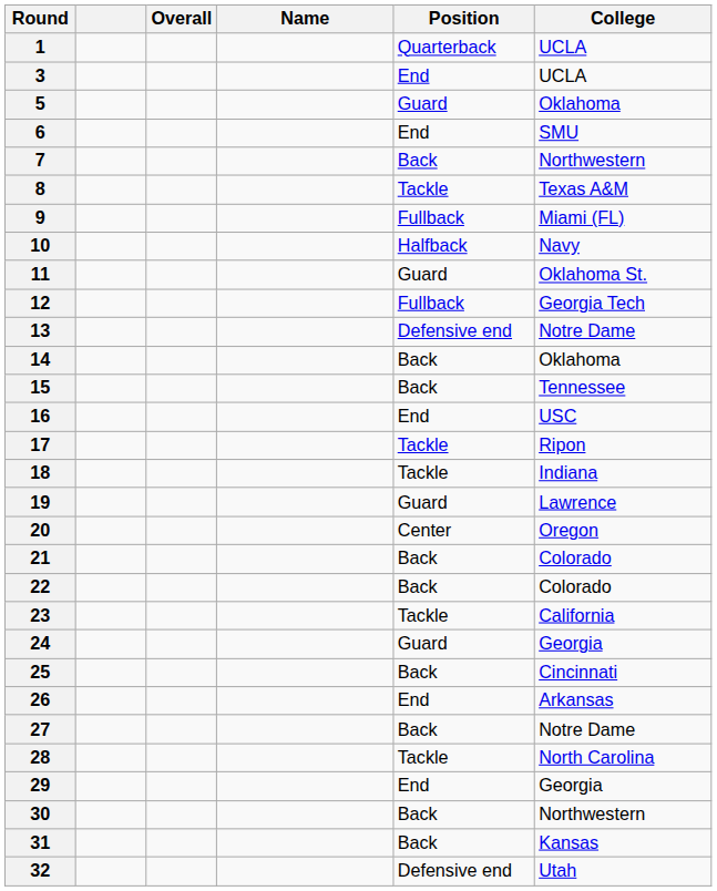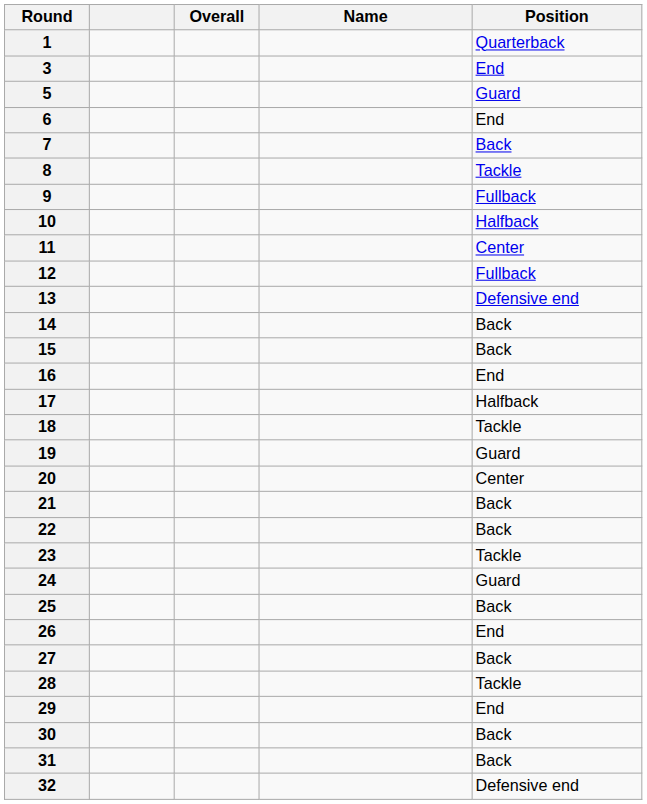 <table class="wikitable sortable" style="width: 50%;">
 <tr>
 <th scope="col" style="width: 10%;">Round</th>
 <th scope="col" style="width: 10%;"></th>
 <th scope="col" style="width: 10%;">Overall</th>
 <th scope="col" style="width: 25%;">Name</th>
 <th scope="col" style="width: 20%;">Position</th>
-<th scope="col" style="width: 25%;">College</th>
 </tr>
 <tr>
 <th scope="row">1</th>
 <td></td>
 <td></td>
 <td></td>
 <td><a href='#'>Quarterback</a></td>
-<td><a href='#'>UCLA</a></td>
 </tr>
 <tr>
 <th scope="row">3</th>
 <td></td>
 <td></td>
 <td></td>
 <td><a href='#'>End</a></td>
-<td>UCLA</td>
 </tr>
 <tr>
 <th scope="row">5</th>
 <td></td>
 <td></td>
 <td></td>
 <td><a href='#'>Guard</a></td>
-<td><a href='#'>Oklahoma</a></td>
 </tr>
 <tr>
 <th scope="row">6</th>
 <td></td>
 <td></td>
 <td></td>
 <td>End</td>
-<td><a href='#'>SMU</a></td>
 </tr>
 <tr>
 <th scope="row">7</th>
 <td></td>
 <td></td>
 <td></td>
 <td><a href='#'>Back</a></td>
-<td><a href='#'>Northwestern</a></td>
 </tr>
 <tr>
 <th scope="row">8</th>
 <td></td>
 <td></td>
 <td></td>
 <td><a href='#'>Tackle</a></td>
-<td><a href='#'>Texas A&M</a></td>
 </tr>
 <tr>
 <th scope="row">9</th>
 <td></td>
 <td></td>
 <td></td>
 <td><a href='#'>Fullback</a></td>
-<td><a href='#'>Miami (FL)</a></td>
 </tr>
 <tr>
 <th scope="row">10</th>
 <td></td>
 <td></td>
 <td></td>
 <td><a href='#'>Halfback</a></td>
-<td><a href='#'>Navy</a></td>
 </tr>
 <tr>
 <th scope="row">11</th>
 <td></td>
 <td></td>
 <td></td>
-<td>Guard</td>
-<td><a href='#'>Oklahoma St.</a></td>
+<td><a href='#'>Center</a></td>
 </tr>
 <tr>
 <th scope="row">12</th>
 <td></td>
 <td></td>
 <td></td>
 <td><a href='#'>Fullback</a></td>
-<td><a href='#'>Georgia Tech</a></td>
 </tr>
 <tr>
 <th scope="row">13</th>
 <td></td>
 <td></td>
 <td></td>
 <td><a href='#'>Defensive end</a></td>
-<td><a href='#'>Notre Dame</a></td>
 </tr>
 <tr>
 <th scope="row">14</th>
 <td></td>
 <td></td>
 <td></td>
 <td>Back</td>
-<td>Oklahoma</td>
 </tr>
 <tr>
 <th scope="row">15</th>
 <td></td>
 <td></td>
 <td></td>
 <td>Back</td>
-<td><a href='#'>Tennessee</a></td>
 </tr>
 <tr>
 <th scope="row">16</th>
 <td></td>
 <td></td>
 <td></td>
 <td>End</td>
-<td><a href='#'>USC</a></td>
 </tr>
 <tr>
 <th scope="row">17</th>
 <td></td>
 <td></td>
 <td></td>
-<td><a href='#'>Tackle</a></td>
-<td><a href='#'>Ripon</a></td>
+<td>Halfback</td>
 </tr>
 <tr>
 <th scope="row">18</th>
 <td></td>
 <td></td>
 <td></td>
 <td>Tackle</td>
-<td><a href='#'>Indiana</a></td>
 </tr>
 <tr>
 <th scope="row">19</th>
 <td></td>
 <td></td>
 <td></td>
 <td>Guard</td>
-<td><a href='#'>Lawrence</a></td>
 </tr>
 <tr>
 <th scope="row">20</th>
 <td></td>
 <td></td>
 <td></td>
 <td>Center</td>
-<td><a href='#'>Oregon</a></td>
 </tr>
 <tr>
 <th scope="row">21</th>
 <td></td>
 <td></td>
 <td></td>
 <td>Back</td>
-<td><a href='#'>Colorado</a></td>
 </tr>
 <tr>
 <th scope="row">22</th>
 <td></td>
 <td></td>
 <td></td>
 <td>Back</td>
-<td>Colorado</td>
 </tr>
 <tr>
 <th scope="row">23</th>
 <td></td>
 <td></td>
 <td></td>
 <td>Tackle</td>
-<td><a href='#'>California</a></td>
 </tr>
 <tr>
 <th scope="row">24</th>
 <td></td>
 <td></td>
 <td></td>
 <td>Guard</td>
-<td><a href='#'>Georgia</a></td>
 </tr>
 <tr>
 <th scope="row">25</th>
 <td></td>
 <td></td>
 <td></td>
 <td>Back</td>
-<td><a href='#'>Cincinnati</a></td>
 </tr>
 <tr>
 <th scope="row">26</th>
 <td></td>
 <td></td>
 <td></td>
 <td>End</td>
-<td><a href='#'>Arkansas</a></td>
 </tr>
 <tr>
 <th scope="row">27</th>
 <td></td>
 <td></td>
 <td></td>
 <td>Back</td>
-<td>Notre Dame</td>
 </tr>
 <tr>
 <th scope="row">28</th>
 <td></td>
 <td></td>
 <td></td>
 <td>Tackle</td>
-<td><a href='#'>North Carolina</a></td>
 </tr>
 <tr>
 <th scope="row">29</th>
 <td></td>
 <td></td>
 <td></td>
 <td>End</td>
-<td>Georgia</td>
 </tr>
 <tr>
 <th scope="row">30</th>
 <td></td>
 <td></td>
 <td></td>
 <td>Back</td>
-<td>Northwestern</td>
 </tr>
 <tr>
 <th scope="row">31</th>
 <td></td>
 <td></td>
 <td></td>
 <td>Back</td>
-<td><a href='#'>Kansas</a></td>
 </tr>
 <tr>
 <th scope="row">32</th>
 <td></td>
 <td></td>
 <td></td>
 <td>Defensive end</td>
-<td><a href='#'>Utah</a></td>
 </tr>
 </table>
